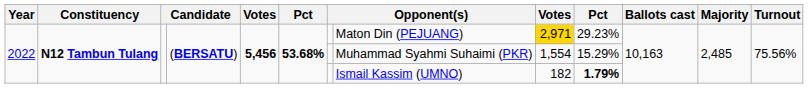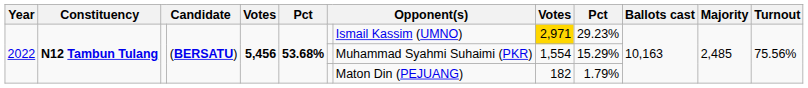 <table class="wikitable" style="margin:0.5em ; font-size:95%">
 <tr>
 <th>Year</th>
 <th>Constituency</th>
 <th colspan="2">Candidate</th>
 <th>Votes</th>
 <th>Pct</th>
 <th colspan="2">Opponent(s)</th>
 <th>Votes</th>
 <th>Pct</th>
 <th>Ballots cast</th>
 <th>Majority</th>
 <th>Turnout</th>
 </tr>
 <tr>
 <td rowspan=3><a href='#'>2022</a></td>
 <td rowspan=3><strong>N12 <a href='#'>Tambun Tulang</a></strong></td>
 <td rowspan=3 bgcolor=></td>
 <td rowspan=3> (<a href='#'><strong>BERSATU</strong></a>)</td>
 <td rowspan=3 align="right"><strong>5,456</strong></td>
 <td rowspan=3><strong>53.68%</strong></td>
 <td></td>
-<td>Maton Din (<a href='#'>PEJUANG</a>)</td>
+<td><a href='#'>Ismail Kassim</a> (<a href='#'>UMNO</a>)</td>
 <td align="right" style="background: gold;">2,971</td>
 <td>29.23%</td>
 <td rowspan=3>10,163</td>
 <td rowspan=3>2,485</td>
 <td rowspan=3>75.56%</td>
 </tr>
 <tr>
 <td></td>
 <td>Muhammad Syahmi Suhaimi (<a href='#'>PKR</a>)</td>
 <td align="right">1,554</td>
 <td>15.29%</td>
 </tr>
 <tr>
 <td bgcolor=></td>
-<td><a href='#'>Ismail Kassim</a> (<a href='#'>UMNO</a>)</td>
+<td>Maton Din (<a href='#'>PEJUANG</a>)</td>
 <td align="right">182</td>
-<td align="right"><strong>1.79%</strong></td>
+<td align="right">1.79%</td>
 </tr>
 </table>
